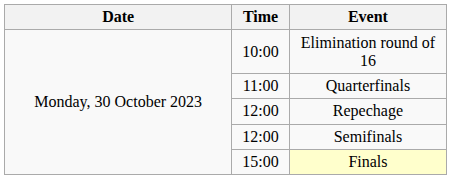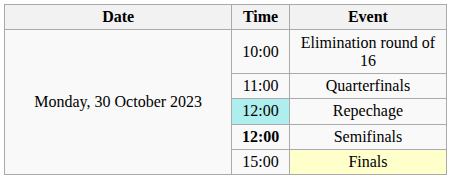 <table class = "wikitable" style="text-align:center;">
 <tr>
 <th width=220>Date</th>
 <th width=50>Time</th>
 <th width=150>Event</th>
 </tr>
 <tr>
 <td rowspan=5>Monday, 30 October 2023</td>
 <td>10:00</td>
 <td>Elimination round of 16</td>
 </tr>
 <tr>
 <td>11:00</td>
 <td>Quarterfinals</td>
 </tr>
 <tr>
-<td>12:00</td>
+<td style="background: paleturquoise;">12:00</td>
 <td>Repechage</td>
 </tr>
 <tr>
-<td>12:00</td>
+<td><strong>12:00</strong></td>
 <td>Semifinals</td>
 </tr>
 <tr>
 <td>15:00</td>
 <td bgcolor=ffffcc>Finals</td>
 </tr>
 </table>
